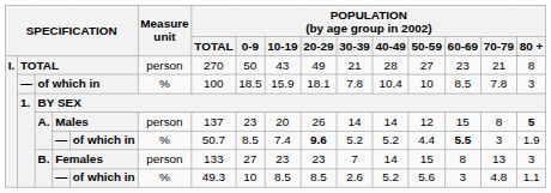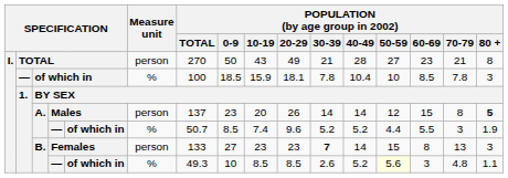 <table class="wikitable" style="font-size:85%; text-align:center">
 <tr>
 <th rowspan="2" colspan="5">SPECIFICATION</th>
 <th rowspan="2">Measure<br> unit</th>
 <th colspan="10" rowspan="1">POPULATION<br> (by age group in 2002)</th>
 </tr>
 <tr>
 <th>TOTAL</th>
 <th>0-9</th>
 <th>10-19</th>
 <th>20-29</th>
 <th>30-39</th>
 <th>40-49</th>
 <th>50-59</th>
 <th>60-69</th>
 <th>70-79</th>
 <th>80 +</th>
 </tr>
 <tr>
 <th style="text-align:left" valign="top" rowspan="7">I.</th>
 <th style="text-align:left" colspan="4">TOTAL</th>
 <td>person</td>
 <td>270</td>
 <td>50</td>
 <td>43</td>
 <td>49</td>
 <td>21</td>
 <td>28</td>
 <td>27</td>
 <td>23</td>
 <td>21</td>
 <td>8</td>
 </tr>
 <tr>
 <th style="text-align:left" valign="top">—</th>
 <th style="text-align:left" colspan="3">of which in</th>
 <td>%</td>
 <td>100</td>
 <td>18.5</td>
 <td>15.9</td>
 <td>18.1</td>
 <td>7.8</td>
 <td>10.4</td>
 <td>10</td>
 <td>8.5</td>
 <td>7.8</td>
 <td>3</td>
 </tr>
 <tr>
 <th style="text-align:left" valign="top" rowspan="5">1.</th>
 <th style="text-align:left" colspan="14">BY SEX</th>
 </tr>
 <tr>
 <th style="text-align:left" valign="top" rowspan="2">A.</th>
 <th style="text-align:left" colspan="2">Males</th>
 <td>person</td>
 <td>137</td>
 <td>23</td>
 <td>20</td>
 <td>26</td>
 <td>14</td>
 <td>14</td>
 <td>12</td>
 <td>15</td>
 <td>8</td>
 <td><strong>5</strong></td>
 </tr>
 <tr>
 <th style="text-align:left" valign="top">—</th>
 <th style="text-align:left" colspan="1">of which in</th>
 <td>%</td>
 <td>50.7</td>
 <td>8.5</td>
 <td>7.4</td>
-<td><strong>9.6</strong></td>
+<td>9.6</td>
 <td>5.2</td>
 <td>5.2</td>
 <td>4.4</td>
-<td><strong>5.5</strong></td>
+<td>5.5</td>
 <td>3</td>
 <td>1.9</td>
 </tr>
 <tr>
 <th style="text-align:left" valign="top" rowspan="2">B.</th>
 <th style="text-align:left" colspan="2">Females</th>
 <td>person</td>
 <td>133</td>
 <td>27</td>
 <td>23</td>
 <td>23</td>
-<td>7</td>
+<td><strong>7</strong></td>
 <td>14</td>
 <td>15</td>
 <td>8</td>
 <td>13</td>
 <td>3</td>
 </tr>
 <tr>
 <th style="text-align:left" valign="top">—</th>
 <th style="text-align:left" colspan="1">of which in</th>
 <td>%</td>
 <td>49.3</td>
 <td>10</td>
 <td>8.5</td>
 <td>8.5</td>
 <td>2.6</td>
 <td>5.2</td>
-<td>5.6</td>
+<td style="background: lightyellow;">5.6</td>
 <td>3</td>
 <td>4.8</td>
 <td>1.1</td>
 </tr>
 </table>
